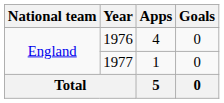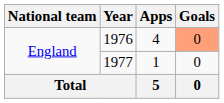 <table class=wikitable style="text-align: center">
 <tr>
 <th>National team</th>
 <th>Year</th>
 <th>Apps</th>
 <th>Goals</th>
 </tr>
 <tr>
 <td rowspan=2><a href='#'>England</a></td>
 <td>1976</td>
 <td>4</td>
-<td>0</td>
+<td style="background: lightsalmon;">0</td>
 </tr>
 <tr>
 <td>1977</td>
 <td>1</td>
 <td>0</td>
 </tr>
 <tr>
 <th colspan=2>Total</th>
 <th>5</th>
 <th>0</th>
 </tr>
 </table>
